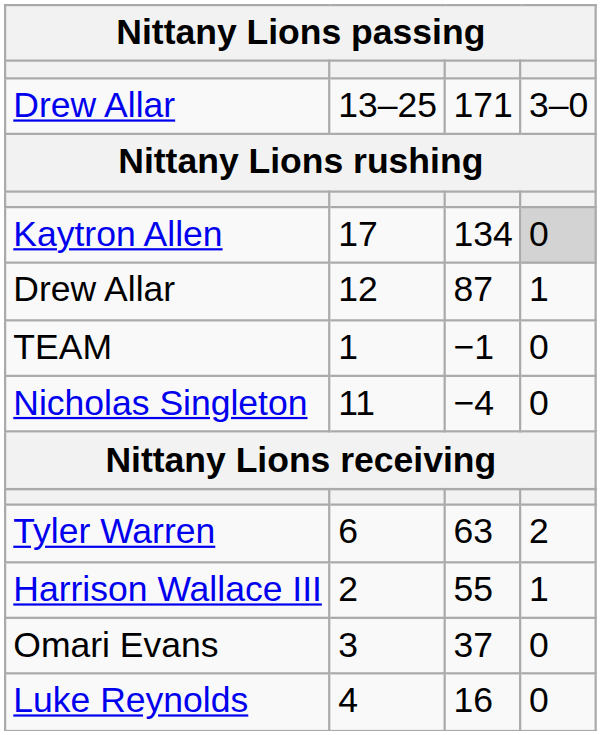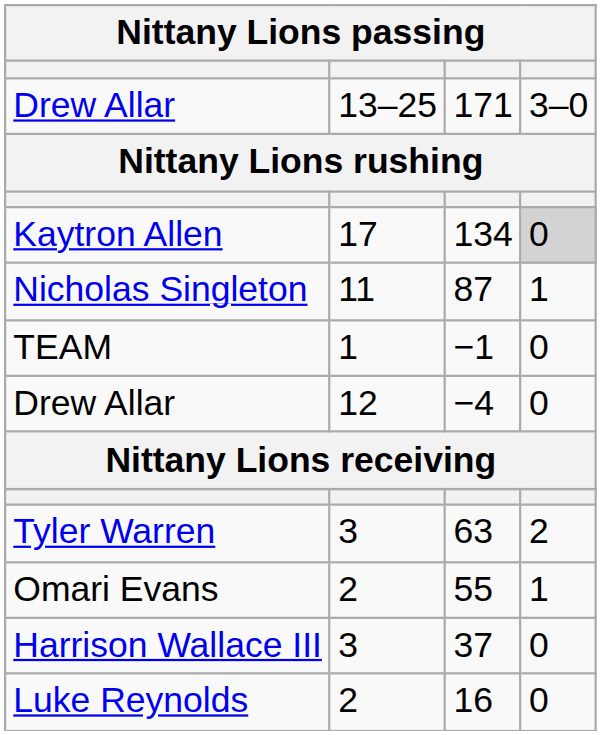 <table class="wikitable plainrowheaders">
 <tr>
 <th colspan="6">Nittany Lions passing</th>
 </tr>
 <tr>
 <th scope="col"></th>
 <th scope="col"></th>
 <th scope="col"></th>
 <th scope="col"></th>
 </tr>
 <tr>
 <td><a href='#'>Drew Allar</a></td>
 <td>13–25</td>
 <td>171</td>
 <td>3–0</td>
 </tr>
 <tr>
 <th colspan="6">Nittany Lions rushing</th>
 </tr>
 <tr>
 <th scope="col"></th>
 <th scope="col"></th>
 <th scope="col"></th>
 <th scope="col"></th>
 </tr>
 <tr>
 <td><a href='#'>Kaytron Allen</a></td>
 <td>17</td>
 <td>134</td>
 <td style="background: lightgrey;">0</td>
 </tr>
 <tr>
-<td>Drew Allar</td>
-<td>12</td>
+<td><a href='#'>Nicholas Singleton</a></td>
+<td>11</td>
 <td>87</td>
 <td>1</td>
 </tr>
 <tr>
 <td>TEAM</td>
 <td>1</td>
 <td>−1</td>
 <td>0</td>
 </tr>
 <tr>
-<td><a href='#'>Nicholas Singleton</a></td>
-<td>11</td>
+<td>Drew Allar</td>
+<td>12</td>
 <td>−4</td>
 <td>0</td>
 </tr>
 <tr>
 <th colspan="6">Nittany Lions receiving</th>
 </tr>
 <tr>
 </tr>
 <tr>
 <th scope="col"></th>
 <th scope="col"></th>
 <th scope="col"></th>
 <th scope="col"></th>
 </tr>
 <tr>
 <td><a href='#'>Tyler Warren</a></td>
-<td>6</td>
+<td>3</td>
 <td>63</td>
 <td>2</td>
 </tr>
 <tr>
-<td><a href='#'>Harrison Wallace III</a></td>
+<td>Omari Evans</td>
 <td>2</td>
 <td>55</td>
 <td>1</td>
 </tr>
 <tr>
-<td>Omari Evans</td>
+<td><a href='#'>Harrison Wallace III</a></td>
 <td>3</td>
 <td>37</td>
 <td>0</td>
 </tr>
 <tr>
 <td><a href='#'>Luke Reynolds</a></td>
-<td>4</td>
+<td>2</td>
 <td>16</td>
 <td>0</td>
 </tr>
 <tr>
 </tr>
 </table>
